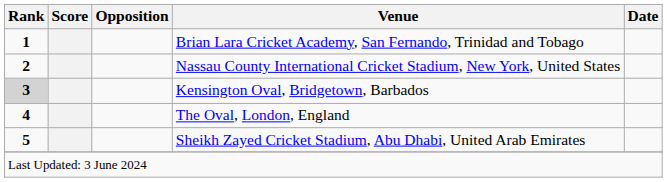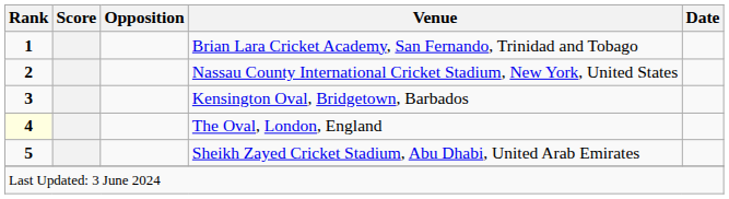 <table class="wikitable plainrowheaders sortable">
 <tr>
 <th scope=col>Rank</th>
 <th scope=col>Score</th>
 <th scope=col>Opposition</th>
 <th scope=col>Venue</th>
 <th scope=col>Date</th>
 </tr>
 <tr>
 <td align=center><strong>1</strong></td>
 <th scope=row style=text-align:center;></th>
 <td></td>
 <td><a href='#'>Brian Lara Cricket Academy</a>, <a href='#'>San Fernando</a>, Trinidad and Tobago</td>
 <td> </td>
 </tr>
 <tr>
 <td align=center><strong>2</strong></td>
 <th scope=row style=text-align:center;></th>
 <td></td>
 <td><a href='#'>Nassau County International Cricket Stadium</a>, <a href='#'>New York</a>, United States</td>
 <td> </td>
 </tr>
 <tr>
-<td align=center style="background: lightgrey;"><strong>3</strong></td>
+<td align=center><strong>3</strong></td>
 <th scope=row style=text-align:center;></th>
 <td></td>
 <td><a href='#'>Kensington Oval</a>, <a href='#'>Bridgetown</a>, Barbados</td>
 <td> </td>
 </tr>
 <tr>
-<td align=center><strong>4</strong></td>
+<td align=center style="background: lightyellow;"><strong>4</strong></td>
 <th scope=row style=text-align:center;></th>
 <td></td>
 <td><a href='#'>The Oval</a>, <a href='#'>London</a>, England</td>
 <td> </td>
 </tr>
 <tr>
 <td align=center><strong>5</strong></td>
 <th scope=row style=text-align:center;></th>
 <td></td>
 <td><a href='#'>Sheikh Zayed Cricket Stadium</a>, <a href='#'>Abu Dhabi</a>, United Arab Emirates</td>
 <td> </td>
 </tr>
 <tr>
 </tr>
 <tr class=sortbottom>
 <td colspan=5><small>Last Updated: 3 June 2024</small></td>
 </tr>
 </table>
